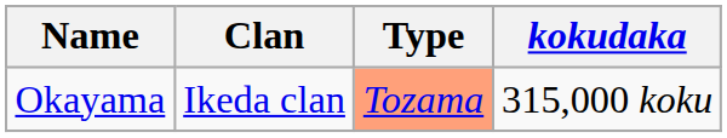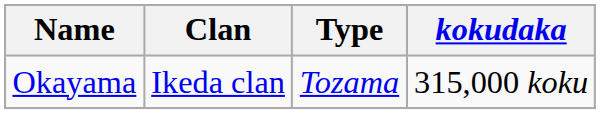 <table class="wikitable">
 <tr>
 <th>Name</th>
 <th>Clan</th>
 <th>Type</th>
 <th><em><a href='#'>kokudaka</a></em></th>
 </tr>
 <tr>
 <td> <a href='#'>Okayama</a></td>
 <td><a href='#'>Ikeda clan</a></td>
-<td style="background: lightsalmon;"><em><a href='#'>Tozama</a></em></td>
+<td><em><a href='#'>Tozama</a></em></td>
 <td>315,000 <em>koku</em></td>
 </tr>
 <tr>
 </tr>
 <tr>
 </tr>
 </table>
